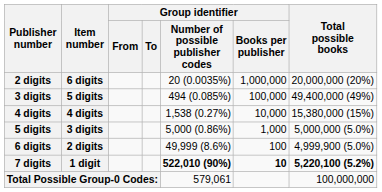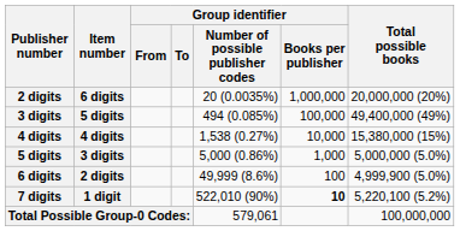 <table class=wikitable style="text-align:right">
 <tr>
 <th rowspan=2>Publisher<br>number</th>
 <th rowspan=2>Item<br>number</th>
 <th colspan=4>Group identifier</th>
 <th rowspan=2>Total<br>possible<br>books</th>
 </tr>
 <tr>
 <th>From</th>
 <th>To</th>
 <th>Number of<br>possible<br>publisher<br>codes</th>
 <th>Books per<br>publisher</th>
 </tr>
 <tr>
 <th>2 digits</th>
 <th>6 digits</th>
 <td></td>
 <td></td>
 <td>20 (0.0035%)</td>
 <td>1,000,000</td>
 <td>20,000,000 (20%)</td>
 </tr>
 <tr>
 <th>3 digits</th>
 <th>5 digits</th>
 <td></td>
 <td></td>
 <td>494 (0.085%)</td>
 <td>100,000</td>
 <td>49,400,000 (49%)</td>
 </tr>
 <tr>
 <th>4 digits</th>
 <th>4 digits</th>
 <td></td>
 <td></td>
 <td>1,538 (0.27%)</td>
 <td>10,000</td>
 <td>15,380,000 (15%)</td>
 </tr>
 <tr>
 <th>5 digits</th>
 <th>3 digits</th>
 <td></td>
 <td></td>
 <td>5,000 (0.86%)</td>
 <td>1,000</td>
 <td>5,000,000 (5.0%)</td>
 </tr>
 <tr>
 <th>6 digits</th>
 <th>2 digits</th>
 <td></td>
 <td></td>
 <td>49,999 (8.6%)</td>
 <td>100</td>
 <td>4,999,900 (5.0%)</td>
 </tr>
 <tr>
 <th>7 digits</th>
 <th>1 digit</th>
 <td></td>
 <td></td>
-<td><strong>522,010 (90%)</strong></td>
+<td>522,010 (90%)</td>
 <td><strong>10</strong></td>
-<td><strong>5,220,100 (5.2%)</strong></td>
+<td>5,220,100 (5.2%)</td>
 </tr>
 <tr>
 <th colspan="4" align="center">Total Possible Group-0 Codes:</th>
 <td align="right">579,061</td>
 <td></td>
 <td align="right">100,000,000</td>
 </tr>
 </table>
